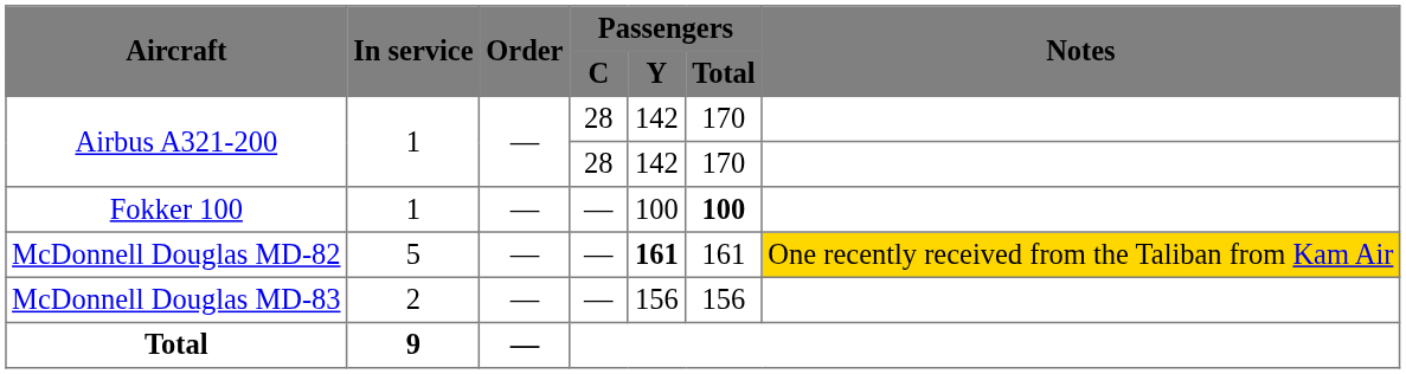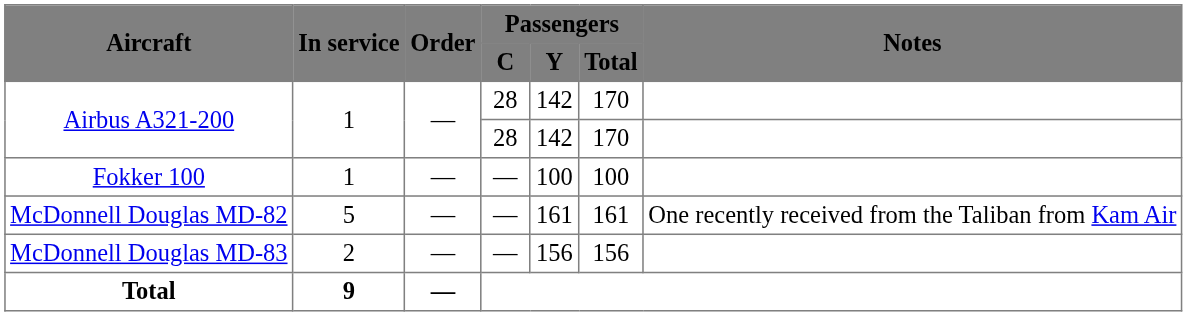 <table class="toccolours" border="1" cellpadding="3" style="margin:1em auto; border-collapse:collapse;text-align:center">
 <tr style="background:Gray;">
 <th rowspan="2">Aircraft</th>
 <th rowspan="2">In service</th>
 <th rowspan="2">Order</th>
 <th colspan="3">Passengers</th>
 <th rowspan="2">Notes</th>
 </tr>
 <tr style="background:Gray;">
 <th style="width:25px;"><abbr>C</abbr></th>
 <th style="width:25px;"><abbr>Y</abbr></th>
 <th style="width:25px;">Total</th>
 </tr>
 <tr>
 <td rowspan="2"><a href='#'>Airbus A321-200</a></td>
 <td rowspan="2">1</td>
 <td rowspan="2">—</td>
 <td>28</td>
 <td>142</td>
 <td>170</td>
 <td></td>
 </tr>
 <tr>
 <td>28</td>
 <td>142</td>
 <td>170</td>
 <td></td>
 </tr>
 <tr>
 <td><a href='#'>Fokker 100</a></td>
 <td>1</td>
 <td>—</td>
 <td>—</td>
 <td>100</td>
-<td><strong>100</strong></td>
+<td>100</td>
 <td></td>
 </tr>
 <tr>
 <td><a href='#'>McDonnell Douglas MD-82</a></td>
 <td>5</td>
 <td>—</td>
 <td>—</td>
-<td><strong>161</strong></td>
 <td>161</td>
-<td style="background: gold;">One recently received from the Taliban from <a href='#'>Kam Air</a></td>
+<td>161</td>
+<td>One recently received from the Taliban from <a href='#'>Kam Air</a></td>
 </tr>
 <tr>
 <td><a href='#'>McDonnell Douglas MD-83</a></td>
 <td>2</td>
 <td>—</td>
 <td>—</td>
 <td>156</td>
 <td>156</td>
 <td></td>
 </tr>
 <tr>
 <th>Total</th>
 <th>9</th>
 <th>—</th>
 <td colspan="4"></td>
 </tr>
 </table>
